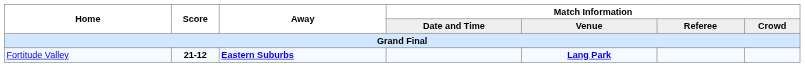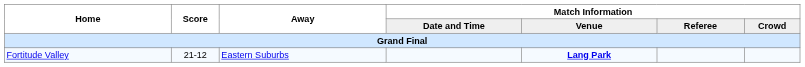 <table width="100%" cellspacing="0" cellpadding="3" border="1" style="border-collapse:collapse; font-size:90%; text-align:center;">
 <tr>
 <th rowspan="2" width="21%">Home</th>
 <th rowspan="2" width="6%">Score</th>
 <th rowspan="2" width="21%">Away</th>
 <th colspan="6">Match Information</th>
 </tr>
 <tr bgcolor="#EFEFEF">
 <th width="17%">Date and Time</th>
 <th width="17%">Venue</th>
 <th width="11%">Referee</th>
 <th width="7%">Crowd</th>
 </tr>
 <tr bgcolor="#D0E7FF">
 <td colspan="7"><strong>Grand Final</strong></td>
 </tr>
 <tr bgcolor="#F5FAFF">
 <td align="left"> <a href='#'>Fortitude Valley</a></td>
-<td><strong>21-12</strong></td>
-<td align="left"><strong> <a href='#'>Eastern Suburbs</a></strong></td>
+<td>21-12</td>
+<td align="left"> <a href='#'>Eastern Suburbs</a></td>
 <td></td>
 <td><strong><a href='#'>Lang Park</a></strong></td>
 <td></td>
 <td></td>
 </tr>
 </table>
